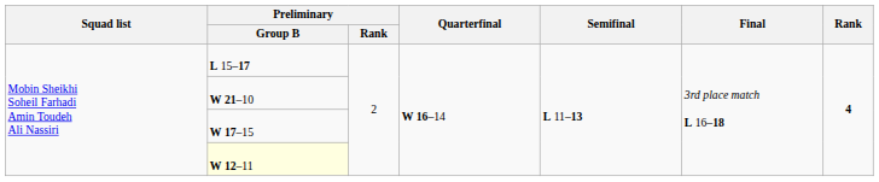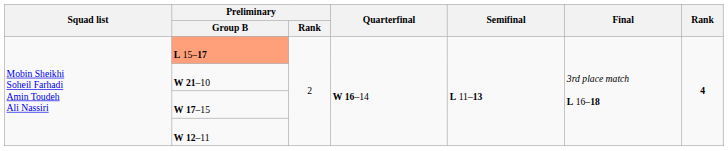 <table class="wikitable" width="85%" style="text-align:left; font-size:90%">
 <tr>
 <th rowspan="2" width="20%">Squad list</th>
 <th colspan="2">Preliminary</th>
 <th rowspan="2" width="14%">Quarterfinal</th>
 <th rowspan="2" width="14%">Semifinal</th>
 <th rowspan="2" width="14%">Final</th>
 <th rowspan="2" width="5%">Rank</th>
 </tr>
 <tr>
 <th width="14%">Group B</th>
 <th width="5%">Rank</th>
 </tr>
 <tr>
 <td rowspan="4"><a href='#'>Mobin Sheikhi</a><br><a href='#'>Soheil Farhadi</a><br><a href='#'>Amin Toudeh</a><br><a href='#'>Ali Nassiri</a></td>
-<td><br><strong>L</strong> 15–<strong>17</strong></td>
+<td style="background: lightsalmon;"><br><strong>L</strong> 15–<strong>17</strong></td>
 <td rowspan="4" align=center>2 <strong></strong></td>
 <td rowspan="4"><br><strong>W</strong> <strong>16</strong>–14</td>
 <td rowspan="4"><br><strong>L</strong> 11–<strong>13</strong></td>
 <td rowspan="4"><em>3rd place match</em><br><br><strong>L</strong> 16–<strong>18</strong></td>
 <td rowspan="4" align="center"><strong>4</strong></td>
 </tr>
 <tr>
 <td><br><strong>W</strong> <strong>21</strong>–10</td>
 </tr>
 <tr>
 <td><br><strong>W</strong> <strong>17</strong>–15</td>
 </tr>
 <tr>
-<td style="background: lightyellow;"><br><strong>W</strong> <strong>12</strong>–11</td>
+<td><br><strong>W</strong> <strong>12</strong>–11</td>
 </tr>
 </table>
